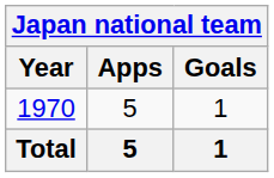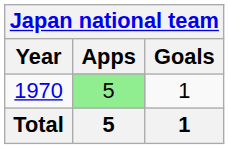 <table class="wikitable" style="text-align:center">
 <tr>
 <th colspan=3><a href='#'>Japan national team</a></th>
 </tr>
 <tr>
 <th>Year</th>
 <th>Apps</th>
 <th>Goals</th>
 </tr>
 <tr>
 <td><a href='#'>1970</a></td>
-<td>5</td>
+<td style="background: lightgreen;">5</td>
 <td>1</td>
 </tr>
 <tr>
 <th>Total</th>
 <th>5</th>
 <th>1</th>
 </tr>
 </table>
